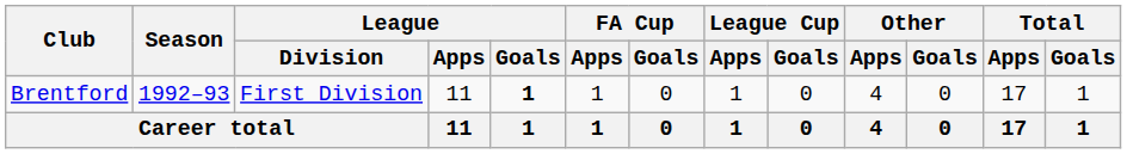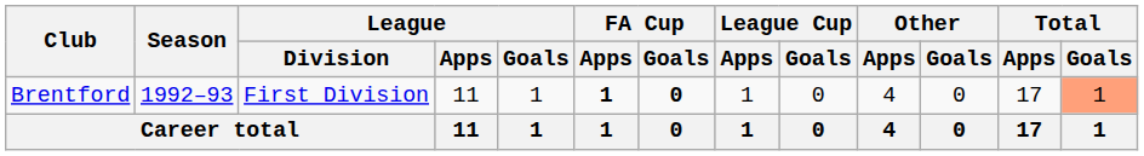 <table class="wikitable" style="text-align:center">
 <tr>
 <th rowspan="2">Club</th>
 <th rowspan="2">Season</th>
 <th colspan="3">League</th>
 <th colspan="2">FA Cup</th>
 <th colspan="2">League Cup</th>
 <th colspan="2">Other</th>
 <th colspan="2">Total</th>
 </tr>
 <tr>
 <th>Division</th>
 <th>Apps</th>
 <th>Goals</th>
 <th>Apps</th>
 <th>Goals</th>
 <th>Apps</th>
 <th>Goals</th>
 <th>Apps</th>
 <th>Goals</th>
 <th>Apps</th>
 <th>Goals</th>
 </tr>
 <tr>
 <td><a href='#'>Brentford</a></td>
 <td><a href='#'>1992–93</a></td>
 <td><a href='#'>First Division</a></td>
 <td>11</td>
+<td>1</td>
 <td><strong>1</strong></td>
-<td>1</td>
-<td>0</td>
+<td><strong>0</strong></td>
 <td>1</td>
 <td>0</td>
 <td>4</td>
 <td>0</td>
 <td>17</td>
-<td>1</td>
+<td style="background: lightsalmon;">1</td>
 </tr>
 <tr>
 <th colspan="3">Career total</th>
 <th>11</th>
 <th>1</th>
 <th>1</th>
 <th>0</th>
 <th>1</th>
 <th>0</th>
 <th>4</th>
 <th>0</th>
 <th>17</th>
 <th>1</th>
 </tr>
 </table>
